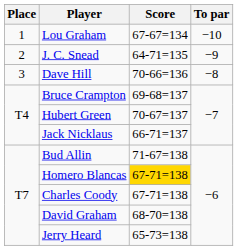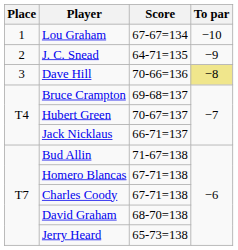 <table class="wikitable">
 <tr>
 <th>Place</th>
 <th>Player</th>
 <th>Score</th>
 <th>To par</th>
 </tr>
 <tr>
 <td align=center>1</td>
 <td> <a href='#'>Lou Graham</a></td>
 <td align=center>67-67=134</td>
 <td align=center>−10</td>
 </tr>
 <tr>
 <td align=center>2</td>
 <td> <a href='#'>J. C. Snead</a></td>
 <td align=center>64-71=135</td>
 <td align=center>−9</td>
 </tr>
 <tr>
 <td align=center>3</td>
 <td> <a href='#'>Dave Hill</a></td>
 <td align=center>70-66=136</td>
-<td align=center>−8</td>
+<td align=center style="background: khaki;">−8</td>
 </tr>
 <tr>
 <td rowspan=3 align=center>T4</td>
 <td> <a href='#'>Bruce Crampton</a></td>
 <td align=center>69-68=137</td>
 <td rowspan=3 align=center>−7</td>
 </tr>
 <tr>
 <td> <a href='#'>Hubert Green</a></td>
 <td align=center>70-67=137</td>
 </tr>
 <tr>
 <td> <a href='#'>Jack Nicklaus</a></td>
 <td align=center>66-71=137</td>
 </tr>
 <tr>
 <td rowspan=5 align=center>T7</td>
 <td> <a href='#'>Bud Allin</a></td>
 <td align=center>71-67=138</td>
 <td rowspan=5 align=center>−6</td>
 </tr>
 <tr>
 <td> <a href='#'>Homero Blancas</a></td>
-<td align=center style="background: gold;">67-71=138</td>
+<td align=center>67-71=138</td>
 </tr>
 <tr>
 <td> <a href='#'>Charles Coody</a></td>
 <td align=center>67-71=138</td>
 </tr>
 <tr>
 <td> <a href='#'>David Graham</a></td>
 <td align=center>68-70=138</td>
 </tr>
 <tr>
 <td> <a href='#'>Jerry Heard</a></td>
 <td align=center>65-73=138</td>
 </tr>
 </table>
